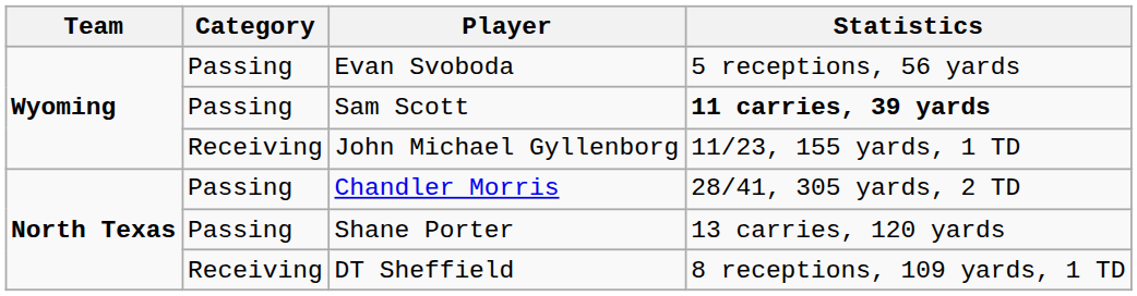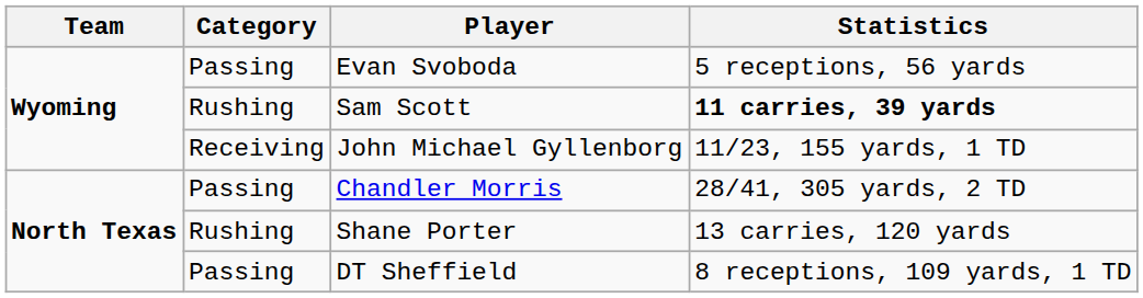 <table class="wikitable" style="float: right;">
 <tr>
 <th>Team</th>
 <th>Category</th>
 <th>Player</th>
 <th>Statistics</th>
 </tr>
 <tr>
 <td rowspan=3><strong>Wyoming</strong></td>
 <td>Passing</td>
 <td>Evan Svoboda</td>
 <td>5 receptions, 56 yards</td>
 </tr>
 <tr>
-<td>Passing</td>
+<td>Rushing</td>
 <td>Sam Scott</td>
 <td><strong>11 carries, 39 yards</strong></td>
 </tr>
 <tr>
 <td>Receiving</td>
 <td>John Michael Gyllenborg</td>
 <td>11/23, 155 yards, 1 TD</td>
 </tr>
 <tr>
 <td rowspan=3><strong>North Texas</strong></td>
 <td>Passing</td>
 <td><a href='#'>Chandler Morris</a></td>
 <td>28/41, 305 yards, 2 TD</td>
 </tr>
 <tr>
-<td>Passing</td>
+<td>Rushing</td>
 <td>Shane Porter</td>
 <td>13 carries, 120 yards</td>
 </tr>
 <tr>
-<td>Receiving</td>
+<td>Passing</td>
 <td>DT Sheffield</td>
 <td>8 receptions, 109 yards, 1 TD</td>
 </tr>
 </table>
